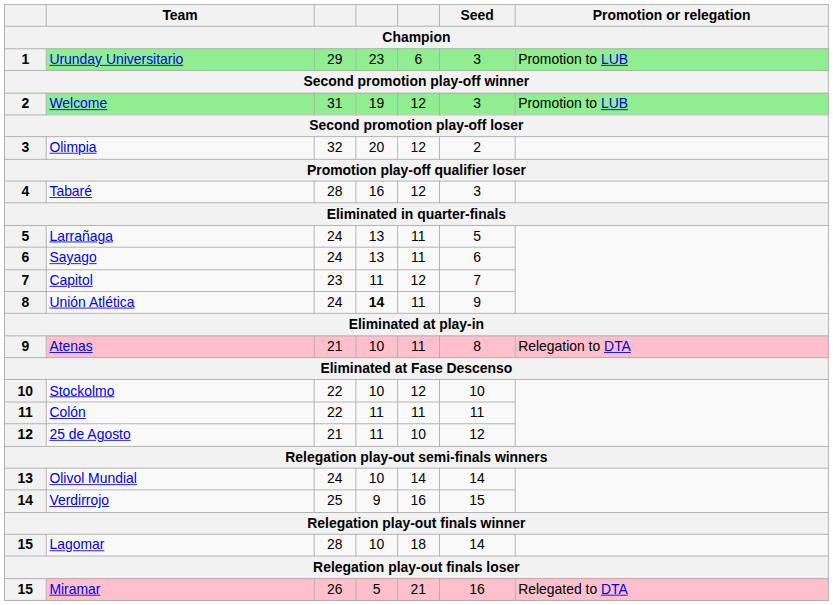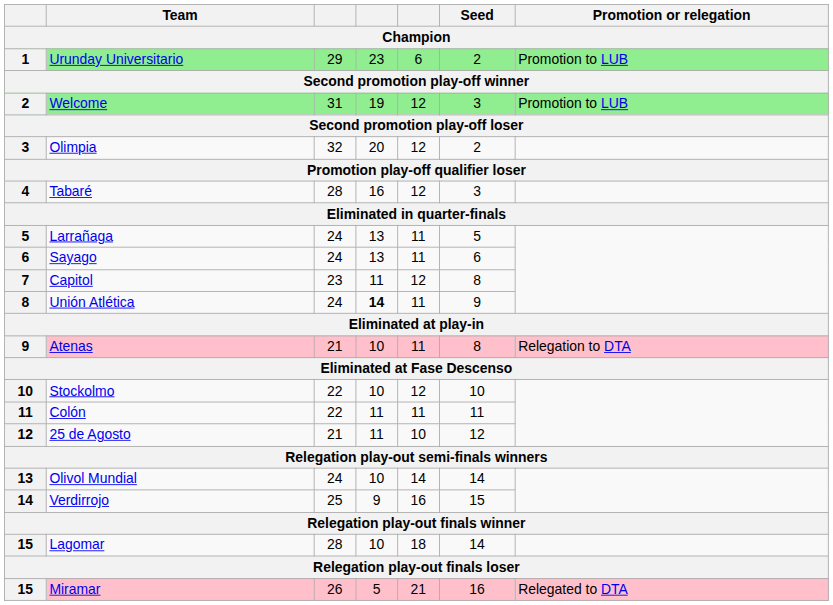 <table class="wikitable" width=75% style= align:center">
 <tr>
 <th></th>
 <th width:45%>Team</th>
 <th></th>
 <th></th>
 <th></th>
 <th>Seed</th>
 <th>Promotion or relegation</th>
 </tr>
 <tr>
 <th colspan="7">Champion</th>
 </tr>
 <tr bgcolor="lightgreen">
 <th>1</th>
 <td><a href='#'>Urunday Universitario</a></td>
 <td align="center">29</td>
 <td align="center">23</td>
 <td align="center">6</td>
-<td align="center">3</td>
+<td align="center">2</td>
 <td>Promotion to <a href='#'>LUB</a></td>
 </tr>
 <tr>
 <th colspan="7">Second promotion play-off winner</th>
 </tr>
 <tr bgcolor="lightgreen">
 <th>2</th>
 <td><a href='#'>Welcome</a></td>
 <td align="center">31</td>
 <td align="center">19</td>
 <td align="center">12</td>
 <td align="center">3</td>
 <td>Promotion to <a href='#'>LUB</a></td>
 </tr>
 <tr>
 <th colspan="7">Second promotion play-off loser</th>
 </tr>
 <tr>
 <th>3</th>
 <td><a href='#'>Olimpia</a></td>
 <td align="center">32</td>
 <td align="center">20</td>
 <td align="center">12</td>
 <td align="center">2</td>
 <td></td>
 </tr>
 <tr>
 <th colspan="7">Promotion play-off qualifier loser</th>
 </tr>
 <tr>
 <th>4</th>
 <td><a href='#'>Tabaré</a></td>
 <td align="center">28</td>
 <td align="center">16</td>
 <td align="center">12</td>
 <td align="center">3</td>
 </tr>
 <tr>
 <th colspan="7">Eliminated in quarter-finals</th>
 </tr>
 <tr>
 <th>5</th>
 <td><a href='#'>Larrañaga</a></td>
 <td align="center">24</td>
 <td align="center">13</td>
 <td align="center">11</td>
 <td align="center">5</td>
 <td rowspan="4"></td>
 </tr>
 <tr>
 <th>6</th>
 <td><a href='#'>Sayago</a></td>
 <td align="center">24</td>
 <td align="center">13</td>
 <td align="center">11</td>
 <td align="center">6</td>
 </tr>
 <tr>
 <th>7</th>
 <td><a href='#'>Capitol</a></td>
 <td align="center">23</td>
 <td align="center">11</td>
 <td align="center">12</td>
-<td align="center">7</td>
+<td align="center">8</td>
 </tr>
 <tr>
 <th>8</th>
 <td><a href='#'>Unión Atlética</a></td>
 <td align="center">24</td>
 <td align="center"><strong>14</strong></td>
 <td align="center">11</td>
 <td align="center">9</td>
 </tr>
 <tr>
 <th colspan="7">Eliminated at play-in</th>
 </tr>
 <tr bgcolor="pink">
 <th>9</th>
 <td><a href='#'>Atenas</a></td>
 <td align="center">21</td>
 <td align="center">10</td>
 <td align="center">11</td>
 <td align="center">8</td>
 <td>Relegation to <a href='#'>DTA</a></td>
 </tr>
 <tr>
 <th colspan="7">Eliminated at Fase Descenso</th>
 </tr>
 <tr>
 <th>10</th>
 <td><a href='#'>Stockolmo</a></td>
 <td align="center">22</td>
 <td align="center">10</td>
 <td align="center">12</td>
 <td align="center">10</td>
 </tr>
 <tr>
 <th>11</th>
 <td><a href='#'>Colón</a></td>
 <td align="center">22</td>
 <td align="center">11</td>
 <td align="center">11</td>
 <td align="center">11</td>
 </tr>
 <tr>
 <th>12</th>
 <td><a href='#'>25 de Agosto</a></td>
 <td align="center">21</td>
 <td align="center">11</td>
 <td align="center">10</td>
 <td align="center">12</td>
 </tr>
 <tr>
 <th colspan="7">Relegation play-out semi-finals winners</th>
 </tr>
 <tr>
 <th>13</th>
 <td><a href='#'>Olivol Mundial</a></td>
 <td align="center">24</td>
 <td align="center">10</td>
 <td align="center">14</td>
 <td align="center">14</td>
 </tr>
 <tr>
 <th>14</th>
 <td><a href='#'>Verdirrojo</a></td>
 <td align="center">25</td>
 <td align="center">9</td>
 <td align="center">16</td>
 <td align="center">15</td>
 </tr>
 <tr>
 <th colspan="7">Relegation play-out finals winner</th>
 </tr>
 <tr>
 <th>15</th>
 <td><a href='#'>Lagomar</a></td>
 <td align="center">28</td>
 <td align="center">10</td>
 <td align="center">18</td>
 <td align="center">14</td>
 <td></td>
 </tr>
 <tr>
 <th colspan="7">Relegation play-out finals loser</th>
 </tr>
 <tr bgcolor="pink">
 <th>15</th>
 <td><a href='#'>Miramar</a></td>
 <td align="center">26</td>
 <td align="center">5</td>
 <td align="center">21</td>
 <td align="center">16</td>
 <td>Relegated to <a href='#'>DTA</a></td>
 </tr>
 </table>
